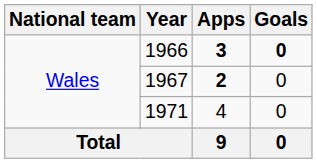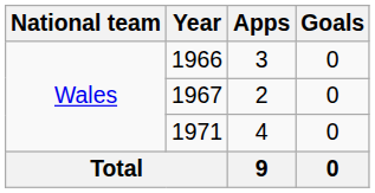 <table class=wikitable style=text-align:center>
 <tr>
 <th>National team</th>
 <th>Year</th>
 <th>Apps</th>
 <th>Goals</th>
 </tr>
 <tr>
 <td rowspan=3><a href='#'>Wales</a></td>
 <td>1966</td>
-<td><strong>3</strong></td>
-<td><strong>0</strong></td>
+<td>3</td>
+<td>0</td>
 </tr>
 <tr>
 <td>1967</td>
-<td><strong>2</strong></td>
+<td>2</td>
 <td>0</td>
 </tr>
 <tr>
 <td>1971</td>
 <td>4</td>
 <td>0</td>
 </tr>
 <tr>
 <th colspan=2>Total</th>
 <th>9</th>
 <th>0</th>
 </tr>
 </table>
